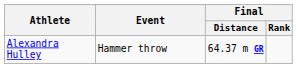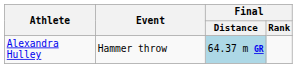 <table class="wikitable" style="font-size:90%">
 <tr>
 <th rowspan=2 style="width:9em;">Athlete</th>
 <th rowspan=2 style="width:11em;">Event</th>
 <th colspan=2 style="width:8em;">Final</th>
 </tr>
 <tr style="font-size:95%">
 <th>Distance</th>
 <th>Rank</th>
 </tr>
 <tr align=center>
 <td align=left><a href='#'>Alexandra Hulley</a></td>
 <td align=left>Hammer throw</td>
-<td>64.37 m <small><strong><a href='#'>GR</a></strong></small></td>
+<td style="background: lightblue;">64.37 m <small><strong><a href='#'>GR</a></strong></small></td>
 <td></td>
 </tr>
 </table>
